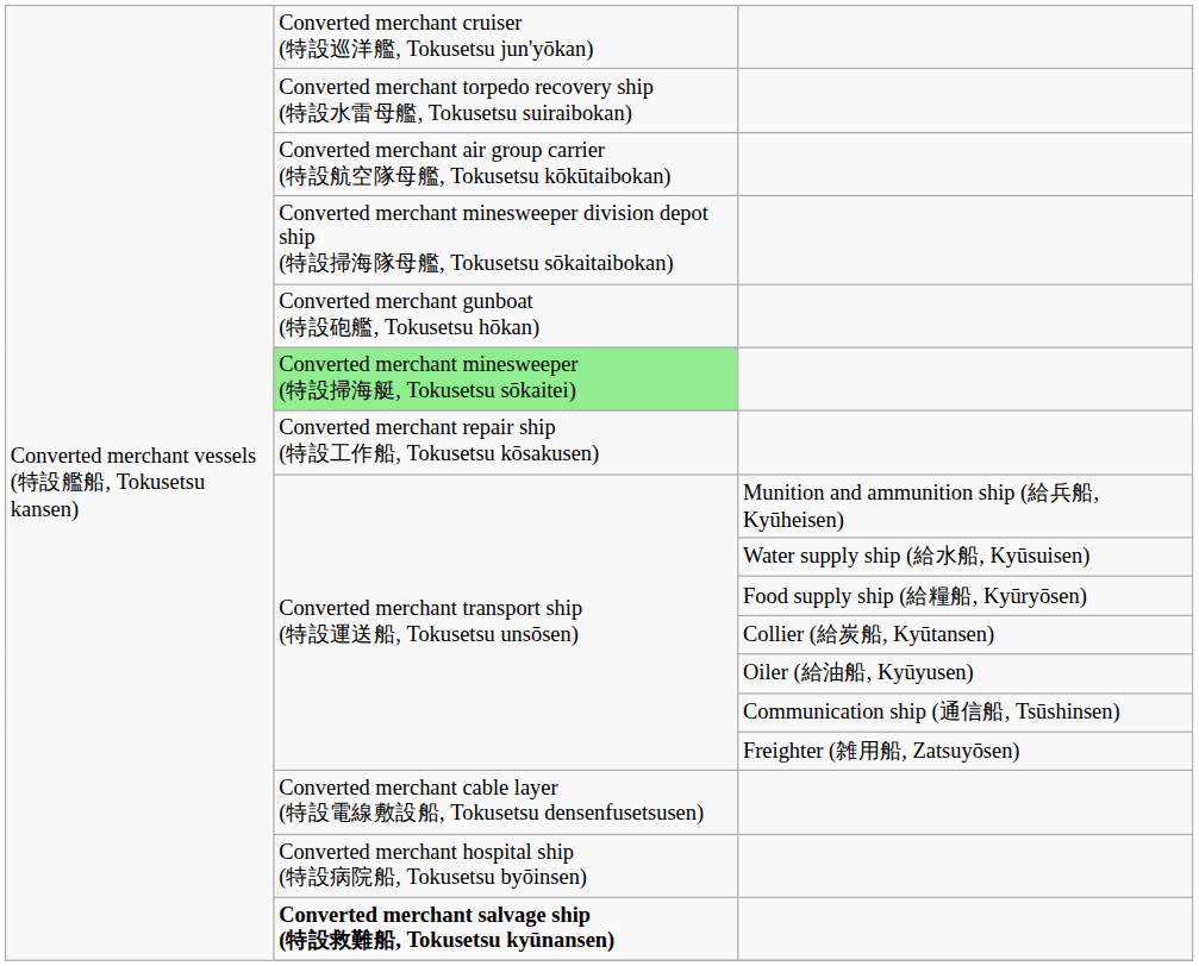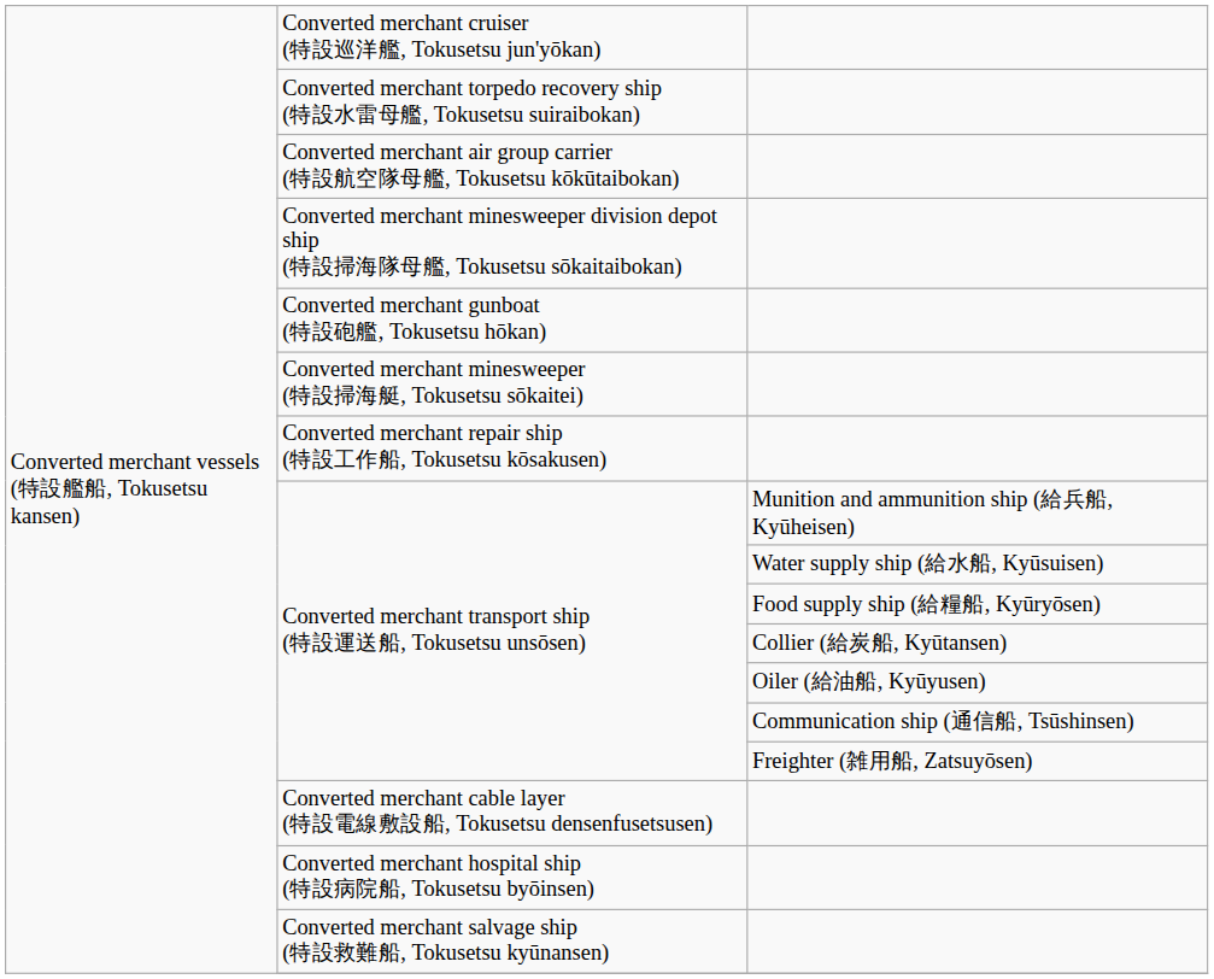 <table class="wikitable">
 <tr>
 <td rowspan="20">Converted merchant vessels<br>(特設艦船, Tokusetsu kansen)</td>
 <td>Converted merchant cruiser<br>(特設巡洋艦, Tokusetsu jun'yōkan)</td>
 <td></td>
 </tr>
 <tr>
 <td>Converted merchant torpedo recovery ship<br>(特設水雷母艦, Tokusetsu suiraibokan)</td>
 <td></td>
 </tr>
 <tr>
 <td>Converted merchant air group carrier<br>(特設航空隊母艦, Tokusetsu kōkūtaibokan)</td>
 <td></td>
 </tr>
 <tr>
 <td>Converted merchant minesweeper division depot ship<br>(特設掃海隊母艦, Tokusetsu sōkaitaibokan)</td>
 <td></td>
 </tr>
 <tr>
 <td>Converted merchant gunboat<br>(特設砲艦, Tokusetsu hōkan)</td>
 <td></td>
 </tr>
 <tr>
-<td style="background: lightgreen;">Converted merchant minesweeper<br>(特設掃海艇, Tokusetsu sōkaitei)</td>
+<td>Converted merchant minesweeper<br>(特設掃海艇, Tokusetsu sōkaitei)</td>
 <td></td>
 </tr>
 <tr>
 <td>Converted merchant repair ship<br>(特設工作船, Tokusetsu kōsakusen)</td>
 <td></td>
 </tr>
 <tr>
 <td rowspan="7">Converted merchant transport ship<br>(特設運送船, Tokusetsu unsōsen)</td>
 <td>Munition and ammunition ship (給兵船, Kyūheisen)</td>
 </tr>
 <tr>
 <td>Water supply ship (給水船, Kyūsuisen)</td>
 </tr>
 <tr>
 <td>Food supply ship (給糧船, Kyūryōsen)</td>
 </tr>
 <tr>
 <td>Collier (給炭船, Kyūtansen)</td>
 </tr>
 <tr>
 <td>Oiler (給油船, Kyūyusen)</td>
 </tr>
 <tr>
 <td>Communication ship (通信船, Tsūshinsen)</td>
 </tr>
 <tr>
 <td>Freighter (雑用船, Zatsuyōsen)</td>
 </tr>
 <tr>
 <td>Converted merchant cable layer<br>(特設電線敷設船, Tokusetsu densenfusetsusen)</td>
 <td></td>
 </tr>
 <tr>
 <td>Converted merchant hospital ship<br>(特設病院船, Tokusetsu byōinsen)</td>
 <td></td>
 </tr>
 <tr>
-<td><strong>Converted merchant salvage ship<br>(特設救難船, Tokusetsu kyūnansen)</strong></td>
+<td>Converted merchant salvage ship<br>(特設救難船, Tokusetsu kyūnansen)</td>
 <td></td>
 </tr>
 <tr>
 </tr>
 </table>
